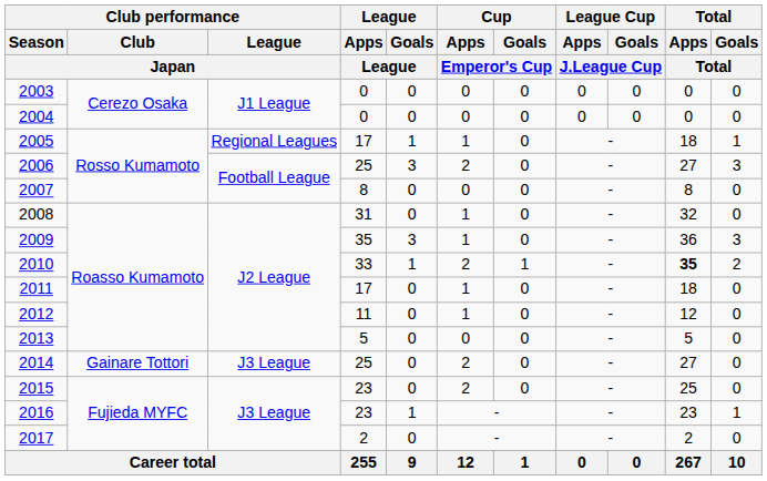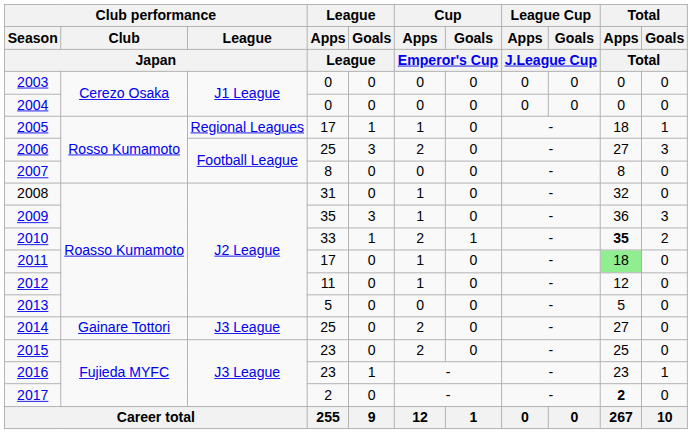 <table class="wikitable" style="text-align:center">
 <tr>
 <th colspan=3>Club performance</th>
 <th colspan=2>League</th>
 <th colspan=2>Cup</th>
 <th colspan=2>League Cup</th>
 <th colspan=2>Total</th>
 </tr>
 <tr>
 <th>Season</th>
 <th>Club</th>
 <th>League</th>
 <th>Apps</th>
 <th>Goals</th>
 <th>Apps</th>
 <th>Goals</th>
 <th>Apps</th>
 <th>Goals</th>
 <th>Apps</th>
 <th>Goals</th>
 </tr>
 <tr>
 <th colspan=3>Japan</th>
 <th colspan=2>League</th>
 <th colspan=2><a href='#'>Emperor's Cup</a></th>
 <th colspan=2><a href='#'>J.League Cup</a></th>
 <th colspan=2>Total</th>
 </tr>
 <tr>
 <td><a href='#'>2003</a></td>
 <td rowspan="2"><a href='#'>Cerezo Osaka</a></td>
 <td rowspan="2"><a href='#'>J1 League</a></td>
 <td>0</td>
 <td>0</td>
 <td>0</td>
 <td>0</td>
 <td>0</td>
 <td>0</td>
 <td>0</td>
 <td>0</td>
 </tr>
 <tr>
 <td><a href='#'>2004</a></td>
 <td>0</td>
 <td>0</td>
 <td>0</td>
 <td>0</td>
 <td>0</td>
 <td>0</td>
 <td>0</td>
 <td>0</td>
 </tr>
 <tr>
 <td><a href='#'>2005</a></td>
 <td rowspan="3"><a href='#'>Rosso Kumamoto</a></td>
 <td><a href='#'>Regional Leagues</a></td>
 <td>17</td>
 <td>1</td>
 <td>1</td>
 <td>0</td>
 <td colspan="2">-</td>
 <td>18</td>
 <td>1</td>
 </tr>
 <tr>
 <td><a href='#'>2006</a></td>
 <td rowspan="2"><a href='#'>Football League</a></td>
 <td>25</td>
 <td>3</td>
 <td>2</td>
 <td>0</td>
 <td colspan="2">-</td>
 <td>27</td>
 <td>3</td>
 </tr>
 <tr>
 <td><a href='#'>2007</a></td>
 <td>8</td>
 <td>0</td>
 <td>0</td>
 <td>0</td>
 <td colspan="2">-</td>
 <td>8</td>
 <td>0</td>
 </tr>
 <tr>
 <td>2008</td>
 <td rowspan="6"><a href='#'>Roasso Kumamoto</a></td>
 <td rowspan="6"><a href='#'>J2 League</a></td>
 <td>31</td>
 <td>0</td>
 <td>1</td>
 <td>0</td>
 <td colspan="2">-</td>
 <td>32</td>
 <td>0</td>
 </tr>
 <tr>
 <td><a href='#'>2009</a></td>
 <td>35</td>
 <td>3</td>
 <td>1</td>
 <td>0</td>
 <td colspan="2">-</td>
 <td>36</td>
 <td>3</td>
 </tr>
 <tr>
 <td><a href='#'>2010</a></td>
 <td>33</td>
 <td>1</td>
 <td>2</td>
 <td>1</td>
 <td colspan="2">-</td>
 <td><strong>35</strong></td>
 <td>2</td>
 </tr>
 <tr>
 <td><a href='#'>2011</a></td>
 <td>17</td>
 <td>0</td>
 <td>1</td>
 <td>0</td>
 <td colspan="2">-</td>
-<td>18</td>
+<td style="background: lightgreen;">18</td>
 <td>0</td>
 </tr>
 <tr>
 <td><a href='#'>2012</a></td>
 <td>11</td>
 <td>0</td>
 <td>1</td>
 <td>0</td>
 <td colspan="2">-</td>
 <td>12</td>
 <td>0</td>
 </tr>
 <tr>
 <td><a href='#'>2013</a></td>
 <td>5</td>
 <td>0</td>
 <td>0</td>
 <td>0</td>
 <td colspan="2">-</td>
 <td>5</td>
 <td>0</td>
 </tr>
 <tr>
 <td><a href='#'>2014</a></td>
 <td><a href='#'>Gainare Tottori</a></td>
 <td><a href='#'>J3 League</a></td>
 <td>25</td>
 <td>0</td>
 <td>2</td>
 <td>0</td>
 <td colspan="2">-</td>
 <td>27</td>
 <td>0</td>
 </tr>
 <tr>
 <td><a href='#'>2015</a></td>
 <td rowspan="3"><a href='#'>Fujieda MYFC</a></td>
 <td rowspan="3"><a href='#'>J3 League</a></td>
 <td>23</td>
 <td>0</td>
 <td>2</td>
 <td>0</td>
 <td colspan="2">-</td>
 <td>25</td>
 <td>0</td>
 </tr>
 <tr>
 <td><a href='#'>2016</a></td>
 <td>23</td>
 <td>1</td>
 <td colspan="2">-</td>
 <td colspan="2">-</td>
 <td>23</td>
 <td>1</td>
 </tr>
 <tr>
 <td><a href='#'>2017</a></td>
 <td>2</td>
 <td>0</td>
 <td colspan="2">-</td>
 <td colspan="2">-</td>
-<td>2</td>
+<td><strong>2</strong></td>
 <td>0</td>
 </tr>
 <tr>
 <th colspan=3>Career total</th>
 <th>255</th>
 <th>9</th>
 <th>12</th>
 <th>1</th>
 <th>0</th>
 <th>0</th>
 <th>267</th>
 <th>10</th>
 </tr>
 </table>
